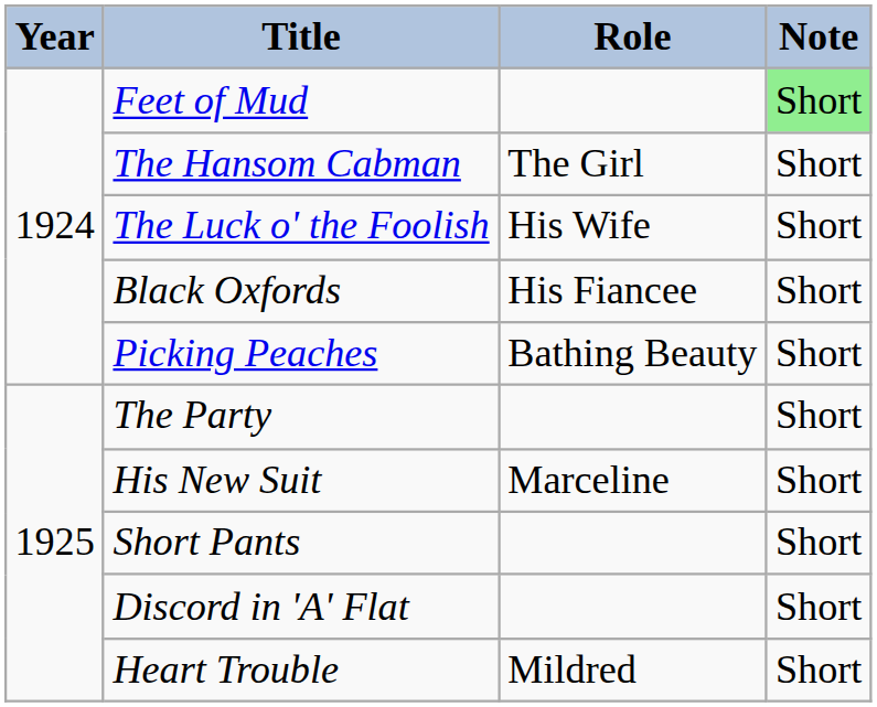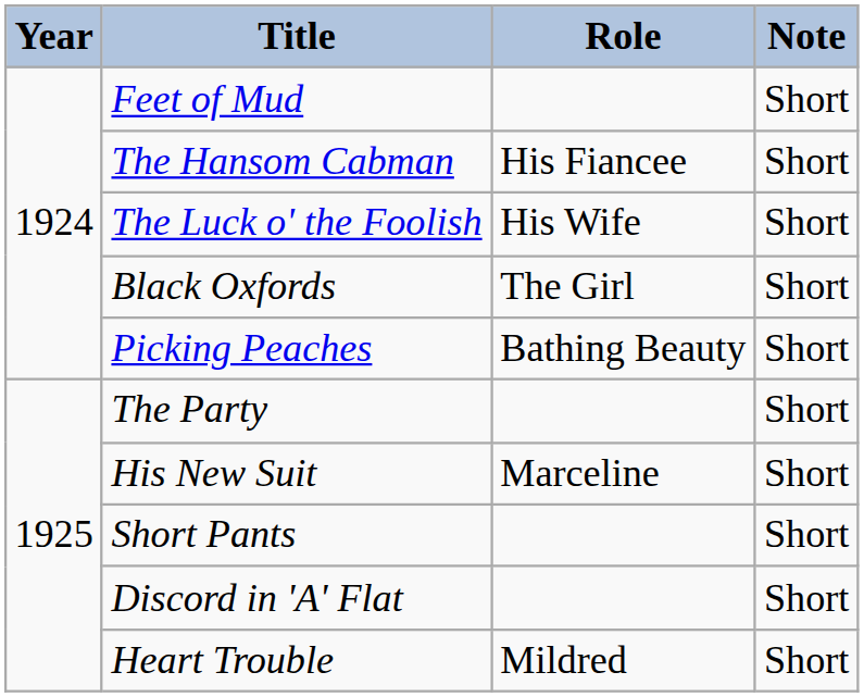 <table class="wikitable">
 <tr>
 <th style="background:#B0C4DE;">Year</th>
 <th style="background:#B0C4DE;">Title</th>
 <th style="background:#B0C4DE;">Role</th>
 <th style="background:#B0C4DE;">Note</th>
 </tr>
 <tr>
 <td rowspan=5>1924</td>
 <td><em><a href='#'>Feet of Mud</a></em></td>
 <td></td>
-<td style="background: lightgreen;">Short</td>
+<td>Short</td>
 </tr>
 <tr>
 <td><em><a href='#'>The Hansom Cabman</a></em></td>
-<td>The Girl</td>
+<td>His Fiancee</td>
 <td>Short</td>
 </tr>
 <tr>
 <td><em><a href='#'>The Luck o' the Foolish</a></em></td>
 <td>His Wife</td>
 <td>Short</td>
 </tr>
 <tr>
 <td><em>Black Oxfords</em></td>
-<td>His Fiancee</td>
+<td>The Girl</td>
 <td>Short</td>
 </tr>
 <tr>
 <td><em><a href='#'>Picking Peaches</a></em></td>
 <td>Bathing Beauty</td>
 <td>Short</td>
 </tr>
 <tr>
 <td rowspan=5>1925</td>
 <td><em>The Party</em></td>
 <td></td>
 <td>Short</td>
 </tr>
 <tr>
 <td><em>His New Suit</em></td>
 <td>Marceline</td>
 <td>Short</td>
 </tr>
 <tr>
 <td><em>Short Pants</em></td>
 <td></td>
 <td>Short</td>
 </tr>
 <tr>
 <td><em>Discord in 'A' Flat</em></td>
 <td></td>
 <td>Short</td>
 </tr>
 <tr>
 <td><em>Heart Trouble</em></td>
 <td>Mildred</td>
 <td>Short</td>
 </tr>
 </table>
